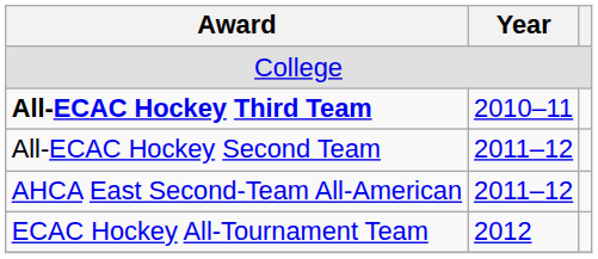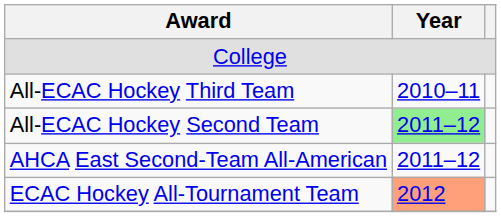 <table class="wikitable">
 <tr>
 <th>Award</th>
 <th>Year</th>
 <th></th>
 </tr>
 <tr ALIGN="center" bgcolor="#e0e0e0">
 <td colspan="3"><a href='#'>College</a></td>
 </tr>
 <tr>
-<td><strong>All-<a href='#'>ECAC Hockey</a> <a href='#'>Third Team</a></strong></td>
+<td>All-<a href='#'>ECAC Hockey</a> <a href='#'>Third Team</a></td>
 <td><a href='#'>2010–11</a></td>
 <td></td>
 </tr>
 <tr>
 <td>All-<a href='#'>ECAC Hockey</a> <a href='#'>Second Team</a></td>
-<td><a href='#'>2011–12</a></td>
+<td style="background: lightgreen;"><a href='#'>2011–12</a></td>
 <td></td>
 </tr>
 <tr>
 <td><a href='#'>AHCA</a> <a href='#'>East Second-Team All-American</a></td>
 <td><a href='#'>2011–12</a></td>
 <td></td>
 </tr>
 <tr>
 <td><a href='#'>ECAC Hockey</a> <a href='#'>All-Tournament Team</a></td>
-<td><a href='#'>2012</a></td>
+<td style="background: lightsalmon;"><a href='#'>2012</a></td>
 <td></td>
 </tr>
 <tr>
 </tr>
 </table>
